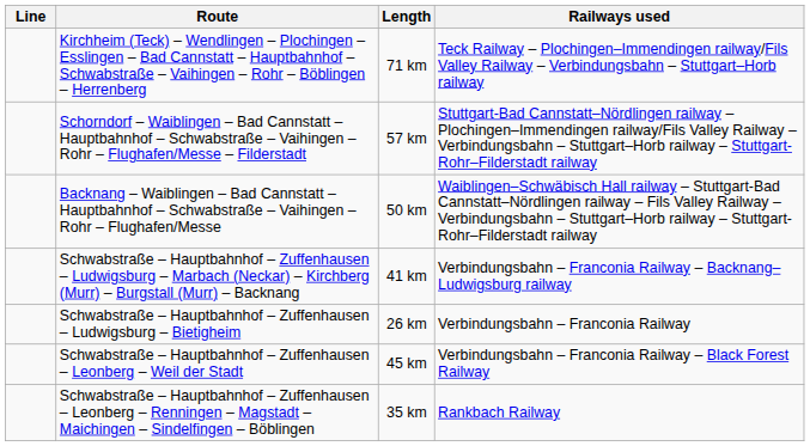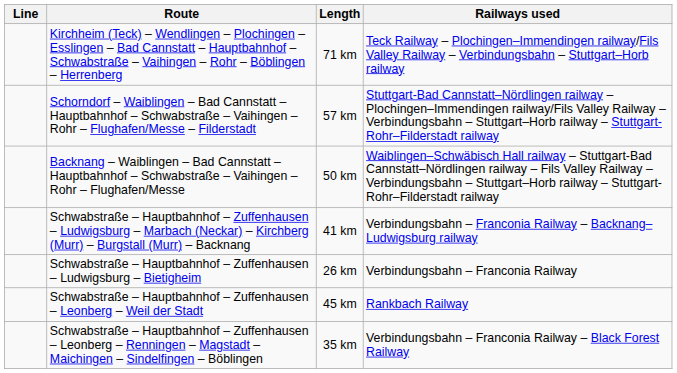 <table class="wikitable">
 <tr>
 <th style="width:3em;">Line</th>
 <th>Route</th>
 <th>Length</th>
 <th>Railways used</th>
 </tr>
 <tr>
 <td align="center"></td>
 <td><a href='#'>Kirchheim (Teck)</a> – <a href='#'>Wendlingen</a> – <a href='#'>Plochingen</a> – <a href='#'>Esslingen</a> – <a href='#'>Bad Cannstatt</a> – <a href='#'>Hauptbahnhof</a> – <a href='#'>Schwabstraße</a> – <a href='#'>Vaihingen</a> – <a href='#'>Rohr</a> – <a href='#'>Böblingen</a> – <a href='#'>Herrenberg</a></td>
 <td align="center">71 km</td>
 <td><a href='#'>Teck Railway</a> – <a href='#'>Plochingen–Immendingen railway</a>/<a href='#'>Fils Valley Railway</a> – <a href='#'>Verbindungsbahn</a> – <a href='#'>Stuttgart–Horb railway</a></td>
 </tr>
 <tr>
 <td align="center"></td>
 <td><a href='#'>Schorndorf</a> – <a href='#'>Waiblingen</a> – Bad Cannstatt – Hauptbahnhof – Schwabstraße – Vaihingen – Rohr – <a href='#'>Flughafen/Messe</a> – <a href='#'>Filderstadt</a></td>
 <td align="center">57 km</td>
 <td><a href='#'>Stuttgart-Bad Cannstatt–Nördlingen railway</a> – Plochingen–Immendingen railway/Fils Valley Railway – Verbindungsbahn – Stuttgart–Horb railway – <a href='#'>Stuttgart-Rohr–Filderstadt railway</a></td>
 </tr>
 <tr>
 <td align="center"></td>
 <td><a href='#'>Backnang</a> – Waiblingen – Bad Cannstatt – Hauptbahnhof – Schwabstraße – Vaihingen – Rohr – Flughafen/Messe</td>
 <td align="center">50 km</td>
 <td><a href='#'>Waiblingen–Schwäbisch Hall railway</a> – Stuttgart-Bad Cannstatt–Nördlingen railway – Fils Valley Railway – Verbindungsbahn – Stuttgart–Horb railway – Stuttgart-Rohr–Filderstadt railway</td>
 </tr>
 <tr>
 <td align="center"></td>
 <td>Schwabstraße – Hauptbahnhof – <a href='#'>Zuffenhausen</a> – <a href='#'>Ludwigsburg</a> – <a href='#'>Marbach (Neckar)</a>  – <a href='#'>Kirchberg (Murr)</a> – <a href='#'>Burgstall (Murr)</a> – Backnang</td>
 <td align="center">41 km</td>
 <td>Verbindungsbahn – <a href='#'>Franconia Railway</a> – <a href='#'>Backnang–Ludwigsburg railway</a></td>
 </tr>
 <tr>
 <td align="center"></td>
 <td>Schwabstraße – Hauptbahnhof – Zuffenhausen – Ludwigsburg – <a href='#'>Bietigheim</a></td>
 <td align="center">26 km</td>
 <td>Verbindungsbahn – Franconia Railway</td>
 </tr>
 <tr>
 <td align="center"></td>
 <td>Schwabstraße – Hauptbahnhof – Zuffenhausen – <a href='#'>Leonberg</a> – <a href='#'>Weil der Stadt</a></td>
 <td align="center">45 km</td>
-<td>Verbindungsbahn – Franconia Railway – <a href='#'>Black Forest Railway</a></td>
+<td><a href='#'>Rankbach Railway</a></td>
 </tr>
 <tr>
 <td align="center"></td>
 <td>Schwabstraße – Hauptbahnhof – Zuffenhausen – Leonberg – <a href='#'>Renningen</a> – <a href='#'>Magstadt</a> – <a href='#'>Maichingen</a> – <a href='#'>Sindelfingen</a> – Böblingen</td>
 <td align="center">35 km</td>
-<td><a href='#'>Rankbach Railway</a></td>
+<td>Verbindungsbahn – Franconia Railway – <a href='#'>Black Forest Railway</a></td>
 </tr>
 </table>
